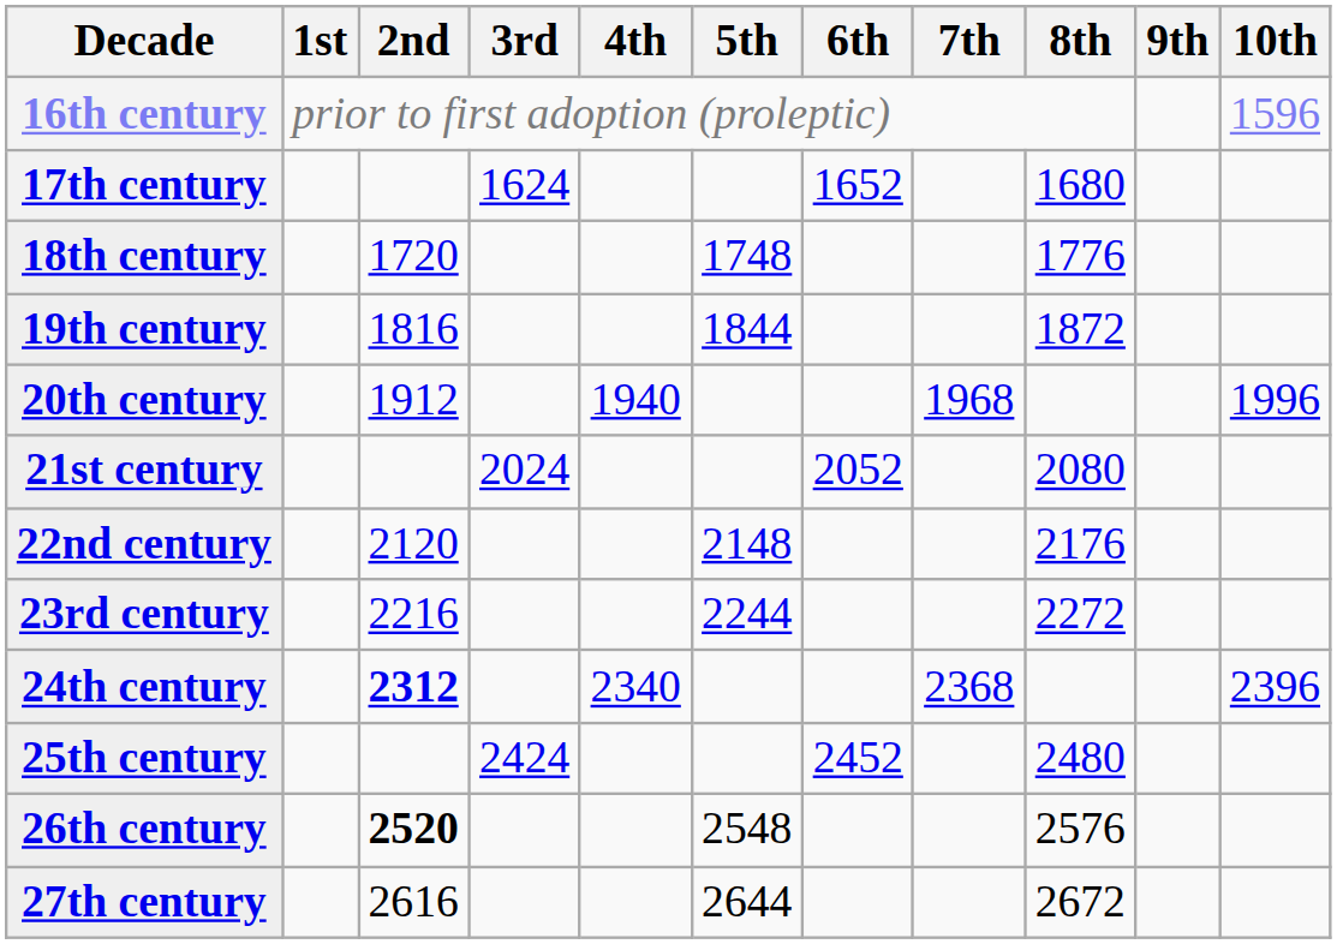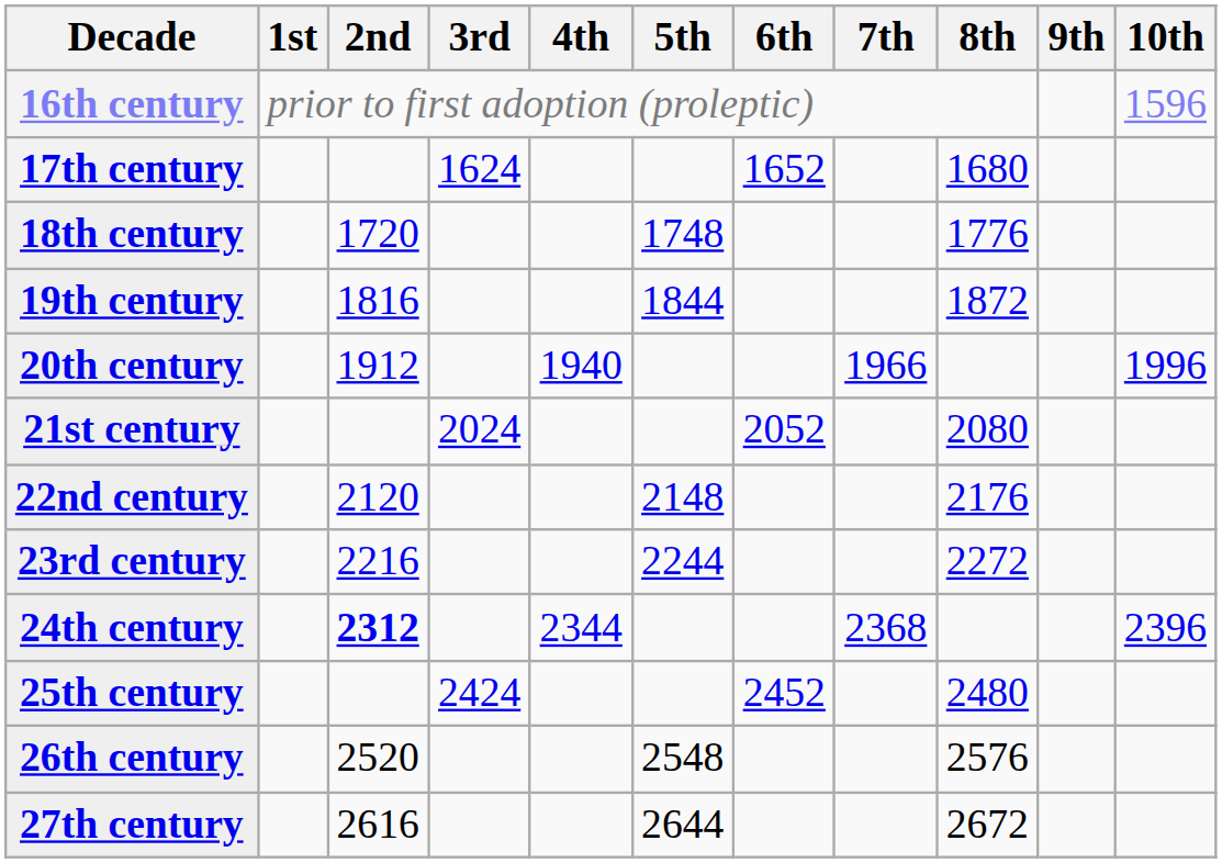 <table class="wikitable">
 <tr>
 <th scope=row>Decade</th>
 <th>1st</th>
 <th>2nd</th>
 <th>3rd</th>
 <th>4th</th>
 <th>5th</th>
 <th>6th</th>
 <th>7th</th>
 <th>8th</th>
 <th>9th</th>
 <th>10th</th>
 </tr>
 <tr style="opacity: 0.5;">
 <th style="background-color:#efefef;"><a href='#'>16th century</a></th>
 <td colspan="8"><em>prior to first adoption (proleptic)</em></td>
 <td></td>
 <td><a href='#'>1596</a></td>
 </tr>
 <tr>
 <th><a href='#'>17th century</a></th>
 <td></td>
 <td></td>
 <td><a href='#'>1624</a></td>
 <td></td>
 <td></td>
 <td><a href='#'>1652</a></td>
 <td></td>
 <td><a href='#'>1680</a></td>
 <td></td>
 <td></td>
 </tr>
 <tr>
 <th style="background-color:#efefef;"><a href='#'>18th century</a></th>
 <td></td>
 <td><a href='#'>1720</a></td>
 <td></td>
 <td></td>
 <td><a href='#'>1748</a></td>
 <td></td>
 <td></td>
 <td><a href='#'>1776</a></td>
 <td></td>
 <td></td>
 </tr>
 <tr>
 <th style="background-color:#efefef;"><a href='#'>19th century</a></th>
 <td></td>
 <td><a href='#'>1816</a></td>
 <td></td>
 <td></td>
 <td><a href='#'>1844</a></td>
 <td></td>
 <td></td>
 <td><a href='#'>1872</a></td>
 <td></td>
 <td></td>
 </tr>
 <tr>
 <th style="background-color:#efefef;"><a href='#'>20th century</a></th>
 <td></td>
 <td><a href='#'>1912</a></td>
 <td></td>
 <td><a href='#'>1940</a></td>
 <td></td>
 <td></td>
-<td><a href='#'>1968</a></td>
+<td><a href='#'>1966</a></td>
 <td></td>
 <td></td>
 <td><a href='#'>1996</a></td>
 </tr>
 <tr>
 <th style="background-color:#efefef;"><a href='#'>21st century</a></th>
 <td></td>
 <td></td>
 <td><a href='#'>2024</a></td>
 <td></td>
 <td></td>
 <td><a href='#'>2052</a></td>
 <td></td>
 <td><a href='#'>2080</a></td>
 <td></td>
 <td></td>
 </tr>
 <tr>
 <th style="background-color:#efefef;"><a href='#'>22nd century</a></th>
 <td></td>
 <td><a href='#'>2120</a></td>
 <td></td>
 <td></td>
 <td><a href='#'>2148</a></td>
 <td></td>
 <td></td>
 <td><a href='#'>2176</a></td>
 <td></td>
 <td></td>
 </tr>
 <tr>
 <th style="background-color:#efefef;"><a href='#'>23rd century</a></th>
 <td></td>
 <td><a href='#'>2216</a></td>
 <td></td>
 <td></td>
 <td><a href='#'>2244</a></td>
 <td></td>
 <td></td>
 <td><a href='#'>2272</a></td>
 <td></td>
 <td></td>
 </tr>
 <tr>
 <th style="background-color:#efefef;"><a href='#'>24th century</a></th>
 <td></td>
 <td><strong><a href='#'>2312</a></strong></td>
 <td></td>
-<td><a href='#'>2340</a></td>
+<td><a href='#'>2344</a></td>
 <td></td>
 <td></td>
 <td><a href='#'>2368</a></td>
 <td></td>
 <td></td>
 <td><a href='#'>2396</a></td>
 </tr>
 <tr>
 <th style="background-color:#efefef;"><a href='#'>25th century</a></th>
 <td></td>
 <td></td>
 <td><a href='#'>2424</a></td>
 <td></td>
 <td></td>
 <td><a href='#'>2452</a></td>
 <td></td>
 <td><a href='#'>2480</a></td>
 <td></td>
 <td></td>
 </tr>
 <tr>
 <th style="background-color:#efefef;"><a href='#'>26th century</a></th>
 <td></td>
-<td><strong>2520</strong></td>
+<td>2520</td>
 <td></td>
 <td></td>
 <td>2548</td>
 <td></td>
 <td></td>
 <td>2576</td>
 <td></td>
 <td></td>
 </tr>
 <tr>
 <th style="background-color:#efefef;"><a href='#'>27th century</a></th>
 <td></td>
 <td>2616</td>
 <td></td>
 <td></td>
 <td>2644</td>
 <td></td>
 <td></td>
 <td>2672</td>
 <td></td>
 <td></td>
 </tr>
 </table>
